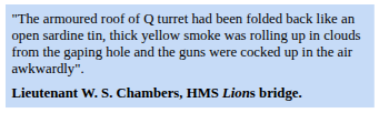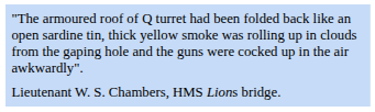 <table class="toccolours" style="float: right; margin-left: 2em; margin-right: 1em; font-size: 85%; background:#c6dbf7; color:black; width:30em; max-width: 40%;" cellspacing="5">
 <tr>
 <td style="text-align: left;">"The armoured roof of Q turret had been folded back like an open sardine tin, thick yellow smoke was rolling up in clouds from the gaping hole and the guns were cocked up in the air awkwardly".</td>
 </tr>
 <tr>
-<td style="text-align: left;"><strong>Lieutenant W. S. Chambers, HMS <em>Lion</em>s bridge.</strong></td>
+<td style="text-align: left;">Lieutenant W. S. Chambers, HMS <em>Lion</em>s bridge.</td>
 </tr>
 </table>
